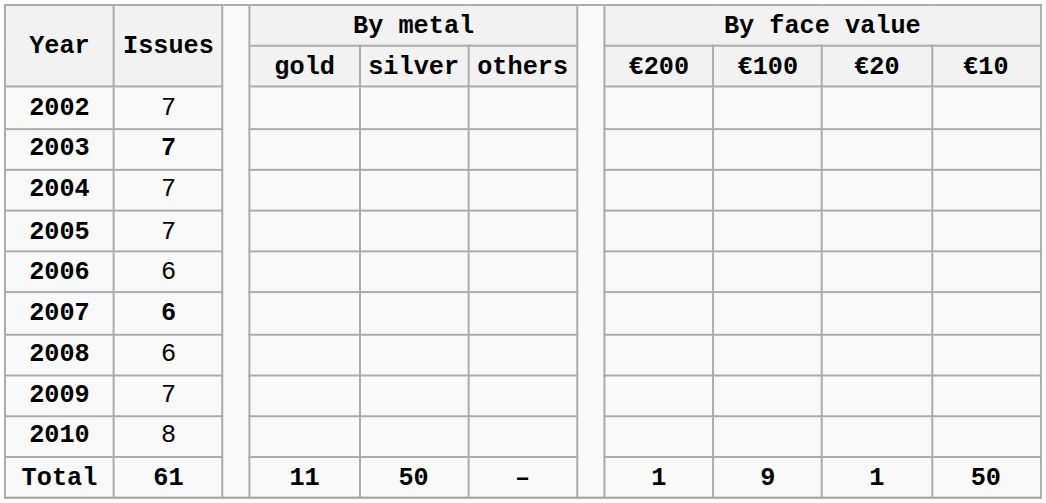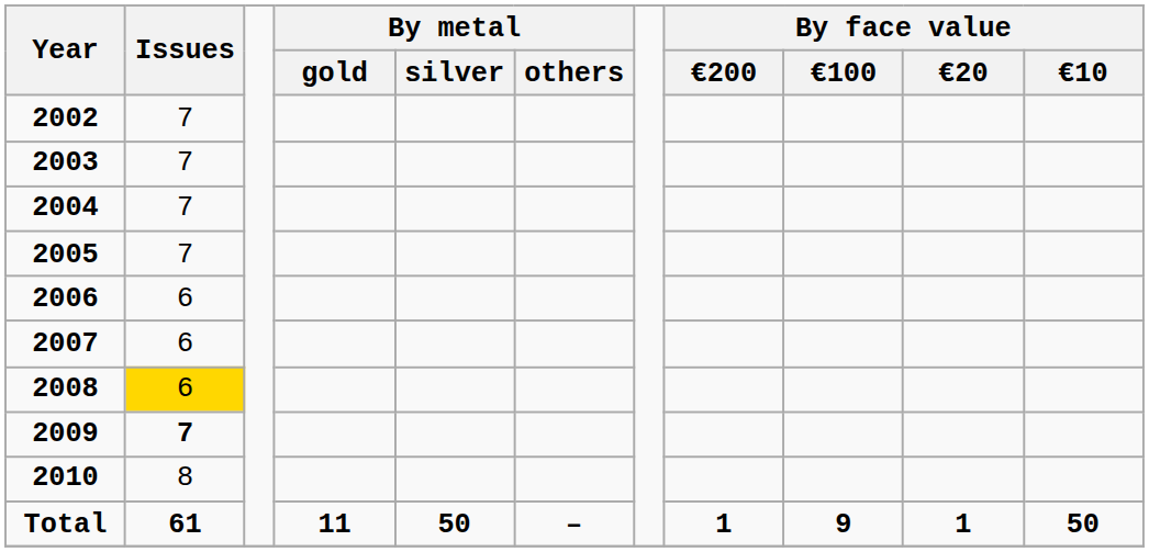 <table class="wikitable" style="text-align: center;">
 <tr>
 <th rowspan=2 width=50px>Year</th>
 <th rowspan=2 width=50px>Issues</th>
 <td rowspan=12> </td>
 <th colspan=3>By metal</th>
 <td rowspan=12> </td>
 <th colspan=4>By face value</th>
 </tr>
 <tr>
 <th width=50px>gold</th>
 <th width=50px>silver</th>
 <th width=50px>others</th>
 <th width=50px>€200</th>
 <th width=50px>€100</th>
 <th width=50px>€20</th>
 <th width=50px>€10</th>
 </tr>
 <tr>
 <td style="text-align: center;"><strong>2002</strong></td>
 <td>7</td>
 <td></td>
 <td></td>
 <td></td>
 <td></td>
 <td></td>
 <td></td>
 <td></td>
 </tr>
 <tr>
 <td style="text-align: center;"><strong>2003</strong></td>
-<td><strong>7</strong></td>
+<td>7</td>
 <td></td>
 <td></td>
 <td></td>
 <td></td>
 <td></td>
 <td></td>
 <td></td>
 </tr>
 <tr>
 <td style="text-align: center;"><strong>2004</strong></td>
 <td>7</td>
 <td></td>
 <td></td>
 <td></td>
 <td></td>
 <td></td>
 <td></td>
 <td></td>
 </tr>
 <tr>
 <td style="text-align: center;"><strong>2005</strong></td>
 <td>7</td>
 <td></td>
 <td></td>
 <td></td>
 <td></td>
 <td></td>
 <td></td>
 <td></td>
 </tr>
 <tr>
 <td style="text-align: center;"><strong>2006</strong></td>
 <td>6</td>
 <td></td>
 <td></td>
 <td></td>
 <td></td>
 <td></td>
 <td></td>
 <td></td>
 </tr>
 <tr>
 <td style="text-align: center;"><strong>2007</strong></td>
-<td><strong>6</strong></td>
+<td>6</td>
 <td></td>
 <td></td>
 <td></td>
 <td></td>
 <td></td>
 <td></td>
 <td></td>
 </tr>
 <tr>
 <td style="text-align: center;"><strong>2008</strong></td>
-<td>6</td>
+<td style="background: gold;">6</td>
 <td></td>
 <td></td>
 <td></td>
 <td></td>
 <td></td>
 <td></td>
 <td></td>
 </tr>
 <tr>
 <td style="text-align: center;"><strong>2009</strong></td>
-<td>7</td>
+<td><strong>7</strong></td>
 <td></td>
 <td></td>
 <td></td>
 <td></td>
 <td></td>
 <td></td>
 <td></td>
 </tr>
 <tr>
 <td style="text-align: center;"><strong>2010</strong></td>
 <td>8</td>
 <td></td>
 <td></td>
 <td></td>
 <td></td>
 <td></td>
 <td></td>
 <td></td>
 </tr>
 <tr>
 <td style="text-align: center;"><strong>Total</strong></td>
 <td><strong>61</strong></td>
 <td><strong>11</strong></td>
 <td><strong>50</strong></td>
 <td><strong>–</strong></td>
 <td><strong>1</strong></td>
 <td><strong>9</strong></td>
 <td><strong>1</strong></td>
 <td><strong>50</strong></td>
 </tr>
 <tr>
 </tr>
 </table>
